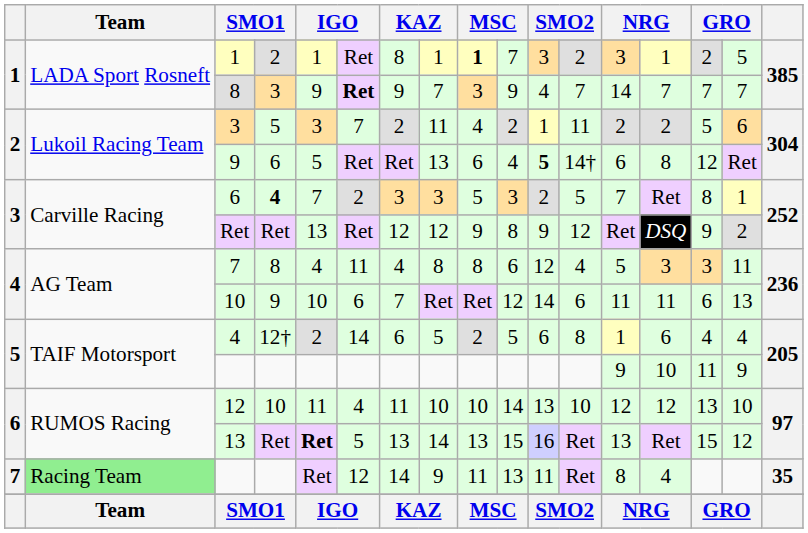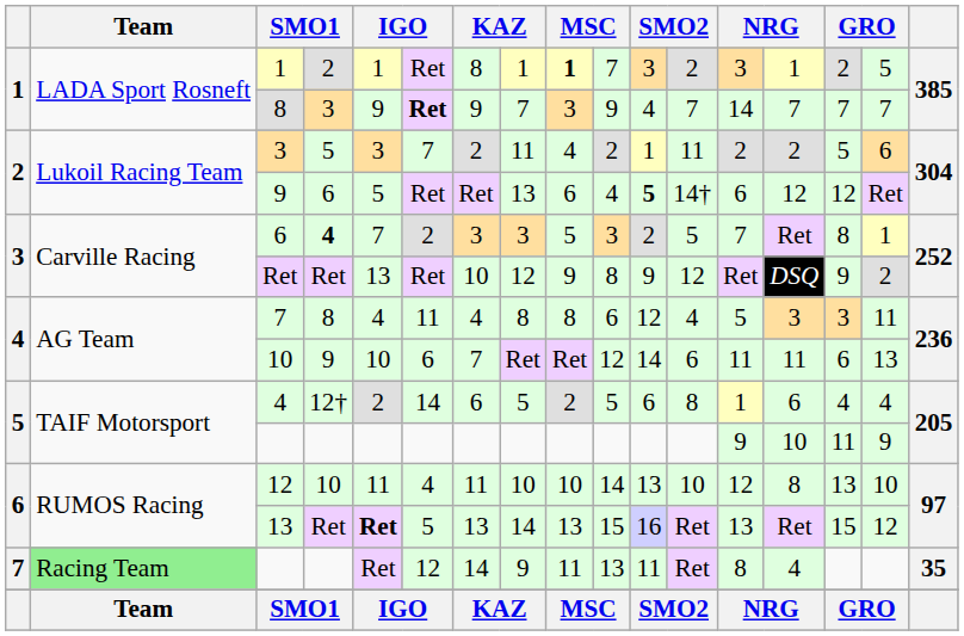 <table align=left| class="wikitable" style="font-size: 90%; text-align: center">
 <tr valign="top">
 <th valign="middle"></th>
 <th valign="middle">Team</th>
 <th colspan=2><a href='#'>SMO1</a></th>
 <th colspan=2><a href='#'>IGO</a></th>
 <th colspan=2><a href='#'>KAZ</a></th>
 <th colspan=2><a href='#'>MSC</a></th>
 <th colspan=2><a href='#'>SMO2</a></th>
 <th colspan=2><a href='#'>NRG</a></th>
 <th colspan=2><a href='#'>GRO</a></th>
 <th valign="middle"></th>
 </tr>
 <tr>
 <th rowspan="2">1</th>
 <td rowspan="2" align=left><a href='#'>LADA Sport</a> <a href='#'>Rosneft</a></td>
 <td style="background:#ffffbf;">1</td>
 <td style="background:#dfdfdf;">2</td>
 <td style="background:#ffffbf;">1</td>
 <td style="background:#efcfff;">Ret</td>
 <td style="background:#dfffdf;">8</td>
 <td style="background:#ffffbf;">1</td>
 <td style="background:#ffffbf;"><strong>1</strong></td>
 <td style="background:#dfffdf;">7</td>
 <td style="background:#ffdf9f;">3</td>
 <td style="background:#dfdfdf;">2</td>
 <td style="background:#ffdf9f;">3</td>
 <td style="background:#ffffbf;">1</td>
 <td style="background:#dfdfdf;">2</td>
 <td style="background:#dfffdf;">5</td>
 <th rowspan="2">385</th>
 </tr>
 <tr>
 <td style="background:#dfdfdf;">8</td>
 <td style="background:#ffdf9f;">3</td>
 <td style="background:#dfffdf;">9</td>
 <td style="background:#efcfff;"><strong>Ret</strong></td>
 <td style="background:#dfffdf;">9</td>
 <td style="background:#dfffdf;">7</td>
 <td style="background:#ffdf9f;">3</td>
 <td style="background:#dfffdf;">9</td>
 <td style="background:#dfffdf;">4</td>
 <td style="background:#dfffdf;">7</td>
 <td style="background:#dfffdf;">14</td>
 <td style="background:#dfffdf;">7</td>
 <td style="background:#dfffdf;">7</td>
 <td style="background:#dfffdf;">7</td>
 </tr>
 <tr>
 <th rowspan="2">2</th>
 <td rowspan="2" align=left><a href='#'>Lukoil Racing Team</a></td>
 <td style="background:#ffdf9f;">3</td>
 <td style="background:#dfffdf;">5</td>
 <td style="background:#ffdf9f;">3</td>
 <td style="background:#dfffdf;">7</td>
 <td style="background:#dfdfdf;">2</td>
 <td style="background:#dfffdf;">11</td>
 <td style="background:#dfffdf;">4</td>
 <td style="background:#dfdfdf;">2</td>
 <td style="background:#ffffbf;">1</td>
 <td style="background:#dfffdf;">11</td>
 <td style="background:#dfdfdf;">2</td>
 <td style="background:#dfdfdf;">2</td>
 <td style="background:#dfffdf;">5</td>
 <td style="background:#ffdf9f;">6</td>
 <th rowspan="2">304</th>
 </tr>
 <tr>
 <td style="background:#dfffdf;">9</td>
 <td style="background:#dfffdf;">6</td>
 <td style="background:#dfffdf;">5</td>
 <td style="background:#efcfff;">Ret</td>
 <td style="background:#efcfff;">Ret</td>
 <td style="background:#dfffdf;">13</td>
 <td style="background:#dfffdf;">6</td>
 <td style="background:#dfffdf;">4</td>
 <td style="background:#dfffdf;"><strong>5</strong></td>
 <td style="background:#dfffdf;">14†</td>
 <td style="background:#dfffdf;">6</td>
-<td style="background:#dfffdf;">8</td>
+<td style="background:#dfffdf;">12</td>
 <td style="background:#dfffdf;">12</td>
 <td style="background:#efcfff;">Ret</td>
 </tr>
 <tr>
 <th rowspan="2">3</th>
 <td rowspan="2" align=left>Carville Racing</td>
 <td style="background:#dfffdf;">6</td>
 <td style="background:#dfffdf;"><strong>4</strong></td>
 <td style="background:#dfffdf;">7</td>
 <td style="background:#dfdfdf;">2</td>
 <td style="background:#ffdf9f;">3</td>
 <td style="background:#ffdf9f;">3</td>
 <td style="background:#dfffdf;">5</td>
 <td style="background:#ffdf9f;">3</td>
 <td style="background:#dfdfdf;">2</td>
 <td style="background:#dfffdf;">5</td>
 <td style="background:#dfffdf;">7</td>
 <td style="background:#efcfff;">Ret</td>
 <td style="background:#dfffdf;">8</td>
 <td style="background:#ffffbf;">1</td>
 <th rowspan="2">252</th>
 </tr>
 <tr>
 <td style="background:#efcfff;">Ret</td>
 <td style="background:#efcfff;">Ret</td>
 <td style="background:#dfffdf;">13</td>
 <td style="background:#efcfff;">Ret</td>
-<td style="background:#dfffdf;">12</td>
+<td style="background:#dfffdf;">10</td>
 <td style="background:#dfffdf;">12</td>
 <td style="background:#dfffdf;">9</td>
 <td style="background:#dfffdf;">8</td>
 <td style="background:#dfffdf;">9</td>
 <td style="background:#dfffdf;">12</td>
 <td style="background:#efcfff;">Ret</td>
 <td style="background-color:#000000;color:white"><em>DSQ</em></td>
 <td style="background:#dfffdf;">9</td>
 <td style="background:#dfdfdf;">2</td>
 </tr>
 <tr>
 <th rowspan="2">4</th>
 <td rowspan="2" align=left>AG Team</td>
 <td style="background:#dfffdf;">7</td>
 <td style="background:#dfffdf;">8</td>
 <td style="background:#dfffdf;">4</td>
 <td style="background:#dfffdf;">11</td>
 <td style="background:#dfffdf;">4</td>
 <td style="background:#dfffdf;">8</td>
 <td style="background:#dfffdf;">8</td>
 <td style="background:#dfffdf;">6</td>
 <td style="background:#dfffdf;">12</td>
 <td style="background:#dfffdf;">4</td>
 <td style="background:#dfffdf;">5</td>
 <td style="background:#ffdf9f;">3</td>
 <td style="background:#ffdf9f;">3</td>
 <td style="background:#dfffdf;">11</td>
 <th rowspan="2">236</th>
 </tr>
 <tr>
 <td style="background:#dfffdf;">10</td>
 <td style="background:#dfffdf;">9</td>
 <td style="background:#dfffdf;">10</td>
 <td style="background:#dfffdf;">6</td>
 <td style="background:#dfffdf;">7</td>
 <td style="background:#efcfff;">Ret</td>
 <td style="background:#efcfff;">Ret</td>
 <td style="background:#dfffdf;">12</td>
 <td style="background:#dfffdf;">14</td>
 <td style="background:#dfffdf;">6</td>
 <td style="background:#dfffdf;">11</td>
 <td style="background:#dfffdf;">11</td>
 <td style="background:#dfffdf;">6</td>
 <td style="background:#dfffdf;">13</td>
 </tr>
 <tr>
 <th rowspan="2">5</th>
 <td rowspan="2" align=left>TAIF Motorsport</td>
 <td style="background:#dfffdf;">4</td>
 <td style="background:#dfffdf;">12†</td>
 <td style="background:#dfdfdf;">2</td>
 <td style="background:#dfffdf;">14</td>
 <td style="background:#dfffdf;">6</td>
 <td style="background:#dfffdf;">5</td>
 <td style="background:#dfdfdf;">2</td>
 <td style="background:#dfffdf;">5</td>
 <td style="background:#dfffdf;">6</td>
 <td style="background:#dfffdf;">8</td>
 <td style="background:#ffffbf;">1</td>
 <td style="background:#dfffdf;">6</td>
 <td style="background:#dfffdf;">4</td>
 <td style="background:#dfffdf;">4</td>
 <th rowspan="2">205</th>
 </tr>
 <tr>
 <td></td>
 <td></td>
 <td></td>
 <td></td>
 <td></td>
 <td></td>
 <td></td>
 <td></td>
 <td></td>
 <td></td>
 <td style="background:#dfffdf;">9</td>
 <td style="background:#dfffdf;">10</td>
 <td style="background:#dfffdf;">11</td>
 <td style="background:#dfffdf;">9</td>
 </tr>
 <tr>
 <th rowspan="2">6</th>
 <td rowspan="2" align=left>RUMOS Racing</td>
 <td style="background:#dfffdf;">12</td>
 <td style="background:#dfffdf;">10</td>
 <td style="background:#dfffdf;">11</td>
 <td style="background:#dfffdf;">4</td>
 <td style="background:#dfffdf;">11</td>
 <td style="background:#dfffdf;">10</td>
 <td style="background:#dfffdf;">10</td>
 <td style="background:#dfffdf;">14</td>
 <td style="background:#dfffdf;">13</td>
 <td style="background:#dfffdf;">10</td>
 <td style="background:#dfffdf;">12</td>
-<td style="background:#dfffdf;">12</td>
+<td style="background:#dfffdf;">8</td>
 <td style="background:#dfffdf;">13</td>
 <td style="background:#dfffdf;">10</td>
 <th rowspan="2">97</th>
 </tr>
 <tr>
 <td style="background:#dfffdf;">13</td>
 <td style="background:#efcfff;">Ret</td>
 <td style="background:#efcfff;"><strong>Ret</strong></td>
 <td style="background:#dfffdf;">5</td>
 <td style="background:#dfffdf;">13</td>
 <td style="background:#dfffdf;">14</td>
 <td style="background:#dfffdf;">13</td>
 <td style="background:#dfffdf;">15</td>
 <td style="background:#cfcfff;">16</td>
 <td style="background:#efcfff;">Ret</td>
 <td style="background:#dfffdf;">13</td>
 <td style="background:#efcfff;">Ret</td>
 <td style="background:#dfffdf;">15</td>
 <td style="background:#dfffdf;">12</td>
 </tr>
 <tr>
 <th>7</th>
 <td align=left style="background: lightgreen;">Racing Team</td>
 <td></td>
 <td></td>
 <td style="background:#efcfff;">Ret</td>
 <td style="background:#dfffdf;">12</td>
 <td style="background:#dfffdf;">14</td>
 <td style="background:#dfffdf;">9</td>
 <td style="background:#dfffdf;">11</td>
 <td style="background:#dfffdf;">13</td>
 <td style="background:#dfffdf;">11</td>
 <td style="background:#efcfff;">Ret</td>
 <td style="background:#dfffdf;">8</td>
 <td style="background:#dfffdf;">4</td>
 <td></td>
 <td></td>
 <th>35</th>
 </tr>
 <tr>
 </tr>
 <tr valign="top">
 <th valign="middle"></th>
 <th valign="middle">Team</th>
 <th colspan=2><a href='#'>SMO1</a></th>
 <th colspan=2><a href='#'>IGO</a></th>
 <th colspan=2><a href='#'>KAZ</a></th>
 <th colspan=2><a href='#'>MSC</a></th>
 <th colspan=2><a href='#'>SMO2</a></th>
 <th colspan=2><a href='#'>NRG</a></th>
 <th colspan=2><a href='#'>GRO</a></th>
 <th valign="middle"></th>
 </tr>
 </table>
